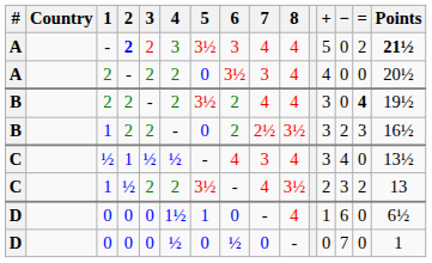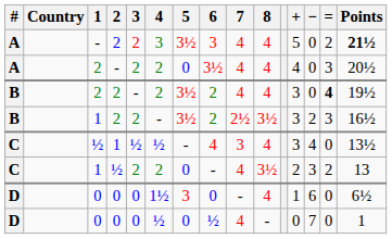 <table class="wikitable" style="text-align:center">
 <tr>
 <th>#</th>
 <th>Country</th>
 <th>1</th>
 <th>2</th>
 <th>3</th>
 <th>4</th>
 <th>5</th>
 <th>6</th>
 <th>7</th>
 <th>8</th>
 <th></th>
 <th>+</th>
 <th>−</th>
 <th>=</th>
 <th>Points</th>
 </tr>
 <tr>
 <th>A</th>
 <td style="text-align: left"></td>
 <td>-</td>
-<td style="color:blue;"><strong>2</strong></td>
+<td style="color:blue;">2</td>
 <td style="color:red;">2</td>
 <td style="color:green;">3</td>
 <td style="color:red;">3½</td>
 <td style="color:red;">3</td>
 <td style="color:red;">4</td>
 <td style="color:red;">4</td>
 <th></th>
 <td>5</td>
 <td>0</td>
 <td>2</td>
 <td><strong>21½</strong></td>
 </tr>
 <tr>
 <th>A</th>
 <td style="text-align: left"></td>
 <td style="color:green;">2</td>
 <td>-</td>
 <td style="color:green;">2</td>
 <td style="color:green;">2</td>
 <td style="color:blue;">0</td>
 <td style="color:red;">3½</td>
-<td style="color:red;">3</td>
+<td style="color:red;">4</td>
 <td style="color:red;">4</td>
 <th></th>
 <td>4</td>
 <td>0</td>
-<td>0</td>
+<td>3</td>
 <td>20½</td>
 </tr>
 <tr style="border-top:2px solid grey;">
 <th>B</th>
 <td style="text-align: left"></td>
 <td style="color:green;">2</td>
 <td style="color:green;">2</td>
 <td>-</td>
 <td style="color:green;">2</td>
 <td style="color:red;">3½</td>
 <td style="color:green;">2</td>
 <td style="color:red;">4</td>
 <td style="color:red;">4</td>
 <th></th>
 <td>3</td>
 <td>0</td>
 <td><strong>4</strong></td>
 <td>19½</td>
 </tr>
 <tr>
 <th>B</th>
 <td style="text-align: left"></td>
 <td style="color:blue;">1</td>
 <td style="color:green;">2</td>
 <td style="color:green;">2</td>
 <td>-</td>
-<td style="color:blue;">0</td>
+<td style="color:red;">3½</td>
 <td style="color:green;">2</td>
 <td style="color:red;">2½</td>
 <td style="color:red;">3½</td>
 <th></th>
 <td>3</td>
 <td>2</td>
 <td>3</td>
 <td>16½</td>
 </tr>
 <tr style="border-top:2px solid grey;">
 <th>C</th>
 <td style="text-align: left"></td>
 <td style="color:blue;">½</td>
 <td style="color:blue;">1</td>
 <td style="color:blue;">½</td>
 <td style="color:blue;">½</td>
 <td>-</td>
 <td style="color:red;">4</td>
 <td style="color:red;">3</td>
 <td style="color:red;">4</td>
 <th></th>
 <td>3</td>
 <td>4</td>
 <td>0</td>
 <td>13½</td>
 </tr>
 <tr>
 <th>C</th>
 <td style="text-align: left"></td>
 <td style="color:blue;">1</td>
 <td style="color:blue;">½</td>
 <td style="color:green;">2</td>
 <td style="color:green;">2</td>
-<td style="color:red;">3½</td>
+<td style="color:blue;">0</td>
 <td>-</td>
 <td style="color:red;">4</td>
 <td style="color:red;">3½</td>
 <th></th>
 <td>2</td>
 <td>3</td>
 <td>2</td>
 <td>13</td>
 </tr>
 <tr style="border-top:2px solid grey;">
 <th>D</th>
 <td style="text-align: left"></td>
 <td style="color:blue;">0</td>
 <td style="color:blue;">0</td>
 <td style="color:blue;">0</td>
 <td style="color:blue;">1½</td>
-<td style="color:blue;">1</td>
+<td style="color:red;">3</td>
 <td style="color:blue;">0</td>
 <td>-</td>
 <td style="color:red;">4</td>
 <th></th>
 <td>1</td>
 <td>6</td>
 <td>0</td>
 <td>6½</td>
 </tr>
 <tr>
 <th>D</th>
 <td style="text-align: left"></td>
 <td style="color:blue;">0</td>
 <td style="color:blue;">0</td>
 <td style="color:blue;">0</td>
 <td style="color:blue;">½</td>
 <td style="color:blue;">0</td>
 <td style="color:blue;">½</td>
-<td style="color:blue;">0</td>
+<td style="color:red;">4</td>
 <td>-</td>
 <th></th>
 <td>0</td>
 <td>7</td>
 <td>0</td>
 <td>1</td>
 </tr>
 </table>
